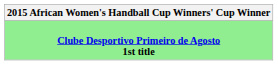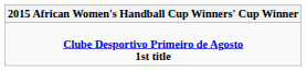 <table class=wikitable style="text-align:center; margin:auto">
 <tr>
 <th>2015 African Women's Handball Cup Winners' Cup Winner</th>
 </tr>
 <tr>
-<td style="background: lightgreen;"><br><strong><a href='#'>Clube Desportivo Primeiro de Agosto</a></strong><br><strong>1st title</strong></td>
+<td><br><strong><a href='#'>Clube Desportivo Primeiro de Agosto</a></strong><br><strong>1st title</strong></td>
 </tr>
 </table>
